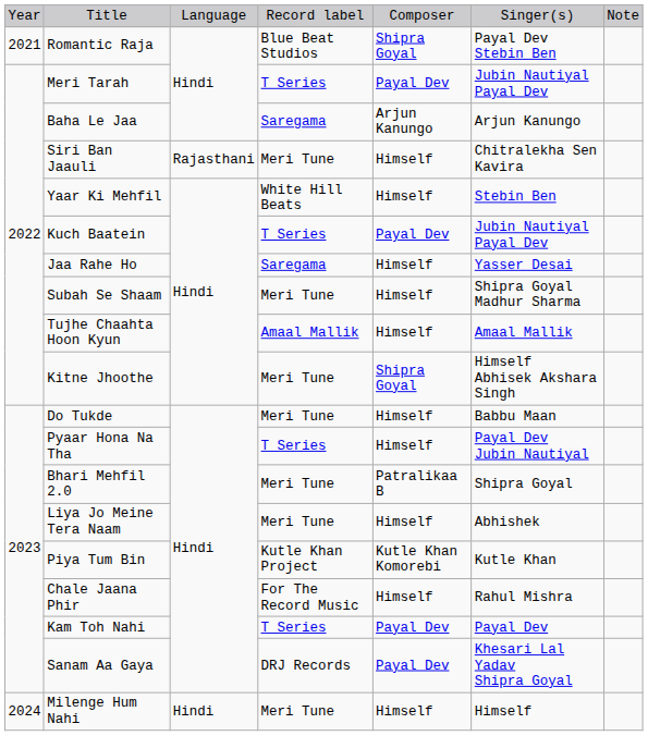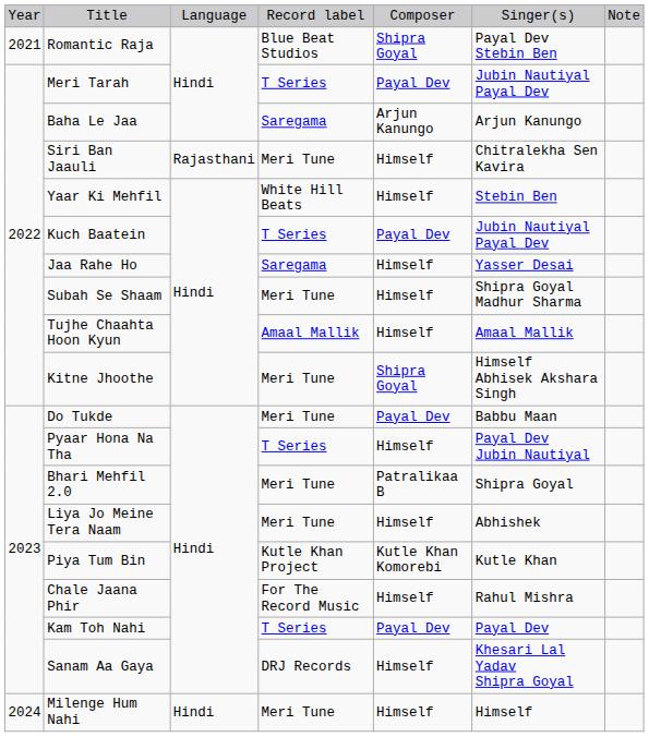 <table class="wikitable sortable">
 <tr style="background:#cccccf; text-align:center;">
 <td>Year</td>
 <td>Title</td>
 <td>Language</td>
 <td>Record label</td>
 <td>Composer</td>
 <td>Singer(s)</td>
 <td>Note</td>
 </tr>
 <tr>
 <td>2021</td>
 <td>Romantic Raja</td>
 <td rowspan = "3">Hindi</td>
 <td>Blue Beat Studios</td>
 <td><a href='#'>Shipra Goyal</a></td>
 <td>Payal Dev<br><a href='#'>Stebin Ben</a></td>
 <td></td>
 </tr>
 <tr>
 <td rowspan = "9">2022</td>
 <td>Meri Tarah</td>
 <td><a href='#'>T Series</a></td>
 <td><a href='#'>Payal Dev</a></td>
 <td><a href='#'>Jubin Nautiyal</a><br><a href='#'>Payal Dev</a></td>
 <td></td>
 </tr>
 <tr>
 <td>Baha Le Jaa</td>
 <td><a href='#'>Saregama</a></td>
 <td>Arjun Kanungo</td>
 <td>Arjun Kanungo</td>
 <td></td>
 </tr>
 <tr>
 <td>Siri Ban Jaauli</td>
 <td>Rajasthani</td>
 <td>Meri Tune</td>
 <td>Himself</td>
 <td>Chitralekha Sen<br>Kavira</td>
 <td></td>
 </tr>
 <tr>
 <td>Yaar Ki Mehfil</td>
 <td rowspan = "6">Hindi</td>
 <td>White Hill Beats</td>
 <td>Himself</td>
 <td><a href='#'>Stebin Ben</a></td>
 <td></td>
 </tr>
 <tr>
 <td>Kuch Baatein</td>
 <td><a href='#'>T Series</a></td>
 <td><a href='#'>Payal Dev</a></td>
 <td><a href='#'>Jubin Nautiyal</a><br><a href='#'>Payal Dev</a></td>
 <td></td>
 </tr>
 <tr>
 <td>Jaa Rahe Ho</td>
 <td><a href='#'>Saregama</a></td>
 <td>Himself</td>
 <td><a href='#'>Yasser Desai</a></td>
 <td></td>
 </tr>
 <tr>
 <td>Subah Se Shaam</td>
 <td>Meri Tune</td>
 <td>Himself</td>
 <td>Shipra Goyal<br>Madhur Sharma</td>
 <td></td>
 </tr>
 <tr>
 <td>Tujhe Chaahta Hoon Kyun</td>
 <td><a href='#'>Amaal Mallik</a></td>
 <td>Himself</td>
 <td><a href='#'>Amaal Mallik</a></td>
 <td></td>
 </tr>
 <tr>
 <td>Kitne Jhoothe</td>
 <td>Meri Tune</td>
 <td><a href='#'>Shipra Goyal</a></td>
 <td>Himself<br>Abhisek Akshara Singh</td>
 <td></td>
 </tr>
 <tr>
 <td rowspan = "8">2023</td>
 <td>Do Tukde</td>
 <td rowspan = "8">Hindi</td>
 <td>Meri Tune</td>
-<td>Himself</td>
+<td><a href='#'>Payal Dev</a></td>
 <td>Babbu Maan</td>
 <td></td>
 </tr>
 <tr>
 <td>Pyaar Hona Na Tha</td>
 <td><a href='#'>T Series</a></td>
 <td>Himself</td>
 <td><a href='#'>Payal Dev</a><br><a href='#'>Jubin Nautiyal</a></td>
 <td></td>
 </tr>
 <tr>
 <td>Bhari Mehfil 2.0</td>
 <td>Meri Tune</td>
 <td>Patralikaa B</td>
 <td>Shipra Goyal</td>
 <td></td>
 </tr>
 <tr>
 <td>Liya Jo Meine Tera Naam</td>
 <td>Meri Tune</td>
 <td>Himself</td>
 <td>Abhishek</td>
 <td></td>
 </tr>
 <tr>
 <td>Piya Tum Bin</td>
 <td>Kutle Khan Project</td>
 <td>Kutle Khan<br>Komorebi</td>
 <td>Kutle Khan</td>
 <td></td>
 </tr>
 <tr>
 <td>Chale Jaana Phir</td>
 <td>For The Record Music</td>
 <td>Himself</td>
 <td>Rahul Mishra</td>
 <td></td>
 </tr>
 <tr>
 <td>Kam Toh Nahi</td>
 <td><a href='#'>T Series</a></td>
 <td><a href='#'>Payal Dev</a></td>
 <td><a href='#'>Payal Dev</a></td>
 <td></td>
 </tr>
 <tr>
 <td>Sanam Aa Gaya</td>
 <td>DRJ Records</td>
-<td><a href='#'>Payal Dev</a></td>
+<td>Himself</td>
 <td><a href='#'>Khesari Lal Yadav</a><br><a href='#'>Shipra Goyal</a></td>
 <td></td>
 </tr>
 <tr>
 <td rowspan = "1">2024</td>
 <td>Milenge Hum Nahi</td>
 <td rowspan = "1">Hindi</td>
 <td>Meri Tune</td>
 <td>Himself</td>
 <td>Himself</td>
 <td></td>
 </tr>
 </table>
